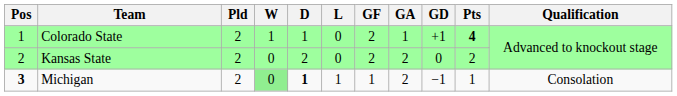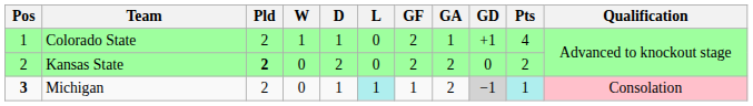 <table class="wikitable" style="text-align:center; margin: 1em auto">
 <tr>
 <th style="width:2em">Pos</th>
 <th style="width:13em">Team</th>
 <th style="width:2em">Pld</th>
 <th style="width:2em">W</th>
 <th style="width:2em">D</th>
 <th style="width:2em">L</th>
 <th style="width:2em">GF</th>
 <th style="width:2em">GA</th>
 <th style="width:2em">GD</th>
 <th style="width:2em">Pts</th>
 <th style="width:13em">Qualification</th>
 </tr>
 <tr bgcolor="#9eff9e">
 <td>1</td>
 <td style="text-align:left">Colorado State</td>
 <td>2</td>
 <td>1</td>
 <td>1</td>
 <td>0</td>
 <td>2</td>
 <td>1</td>
 <td>+1</td>
-<td><strong>4</strong></td>
+<td>4</td>
 <td rowspan="2">Advanced to knockout stage</td>
 </tr>
 <tr bgcolor="#9eff9e">
 <td>2</td>
 <td style="text-align:left">Kansas State</td>
-<td>2</td>
+<td><strong>2</strong></td>
 <td>0</td>
 <td>2</td>
 <td>0</td>
 <td>2</td>
 <td>2</td>
 <td>0</td>
 <td>2</td>
 </tr>
 <tr>
 <td><strong>3</strong></td>
 <td style="text-align:left">Michigan</td>
 <td>2</td>
-<td style="background: lightgreen;">0</td>
-<td><strong>1</strong></td>
+<td>0</td>
 <td>1</td>
+<td style="background: paleturquoise;">1</td>
 <td>1</td>
 <td>2</td>
-<td>−1</td>
-<td>1</td>
-<td>Consolation</td>
+<td style="background: lightgrey;">−1</td>
+<td style="background: paleturquoise;">1</td>
+<td style="background: pink;">Consolation</td>
 </tr>
 </table>
